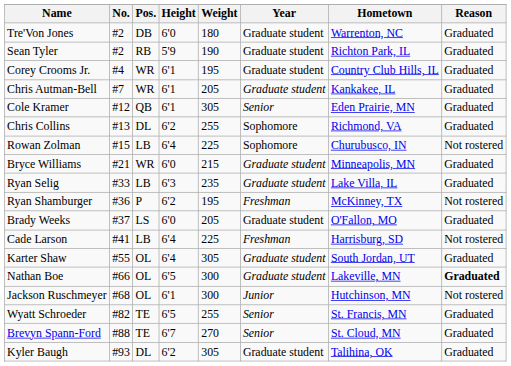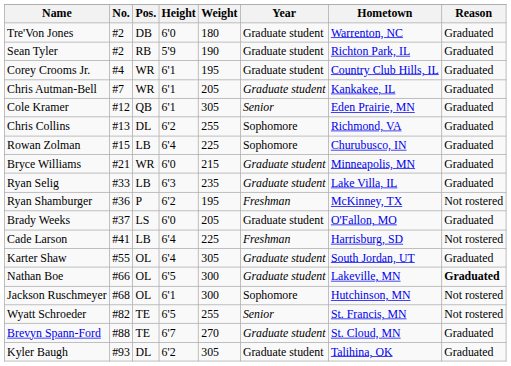 <table class="wikitable sortable sortable">
 <tr>
 </tr>
 <tr>
 <th style="text-align:center; ">Name</th>
 <th style="text-align:center; ">No.</th>
 <th style="text-align:center; ">Pos.</th>
 <th style="text-align:center; ">Height</th>
 <th style="text-align:center; ">Weight</th>
 <th style="text-align:center; ">Year</th>
 <th style="text-align:center; ">Hometown</th>
 <th style="text-align:center; ">Reason</th>
 </tr>
 <tr>
 <td>Tre'Von Jones</td>
 <td>#2</td>
 <td>DB</td>
 <td>6'0</td>
 <td>180</td>
 <td>Graduate student</td>
 <td><a href='#'>Warrenton, NC</a></td>
 <td>Graduated</td>
 </tr>
 <tr>
 <td>Sean Tyler</td>
 <td>#2</td>
 <td>RB</td>
 <td>5'9</td>
 <td>190</td>
 <td>Graduate student</td>
 <td><a href='#'>Richton Park, IL</a></td>
 <td>Graduated</td>
 </tr>
 <tr>
 <td>Corey Crooms Jr.</td>
 <td>#4</td>
 <td>WR</td>
 <td>6'1</td>
 <td>195</td>
 <td>Graduate student</td>
 <td><a href='#'>Country Club Hills, IL</a></td>
 <td>Graduated</td>
 </tr>
 <tr>
 <td>Chris Autman-Bell</td>
 <td>#7</td>
 <td>WR</td>
 <td>6'1</td>
 <td>205</td>
 <td><em> Graduate student</em></td>
 <td><a href='#'>Kankakee, IL</a></td>
 <td>Graduated</td>
 </tr>
 <tr>
 <td>Cole Kramer</td>
 <td>#12</td>
 <td>QB</td>
 <td>6'1</td>
 <td>305</td>
 <td><em> Senior</em></td>
 <td><a href='#'>Eden Prairie, MN</a></td>
 <td>Graduated</td>
 </tr>
 <tr>
 <td>Chris Collins</td>
 <td>#13</td>
 <td>DL</td>
 <td>6'2</td>
 <td>255</td>
 <td>Sophomore</td>
 <td><a href='#'>Richmond, VA</a></td>
 <td>Graduated</td>
 </tr>
 <tr>
 <td>Rowan Zolman</td>
 <td>#15</td>
 <td>LB</td>
 <td>6'4</td>
 <td>225</td>
 <td>Sophomore</td>
 <td><a href='#'>Churubusco, IN</a></td>
-<td>Not rostered</td>
+<td>Graduated</td>
 </tr>
 <tr>
 <td>Bryce Williams</td>
 <td>#21</td>
 <td>WR</td>
 <td>6'0</td>
 <td>215</td>
 <td><em> Graduate student</em></td>
 <td><a href='#'>Minneapolis, MN</a></td>
 <td>Graduated</td>
 </tr>
 <tr>
 <td>Ryan Selig</td>
 <td>#33</td>
 <td>LB</td>
 <td>6'3</td>
 <td>235</td>
 <td><em> Graduate student</em></td>
 <td><a href='#'>Lake Villa, IL</a></td>
 <td>Graduated</td>
 </tr>
 <tr>
 <td>Ryan Shamburger</td>
 <td>#36</td>
 <td>P</td>
 <td>6'2</td>
 <td>195</td>
 <td><em> Freshman</em></td>
 <td><a href='#'>McKinney, TX</a></td>
 <td>Not rostered</td>
 </tr>
 <tr>
 <td>Brady Weeks</td>
 <td>#37</td>
 <td>LS</td>
 <td>6'0</td>
 <td>205</td>
 <td>Graduate student</td>
 <td><a href='#'>O'Fallon, MO</a></td>
 <td>Graduated</td>
 </tr>
 <tr>
 <td>Cade Larson</td>
 <td>#41</td>
 <td>LB</td>
 <td>6'4</td>
 <td>225</td>
 <td><em> Freshman</em></td>
 <td><a href='#'>Harrisburg, SD</a></td>
 <td>Not rostered</td>
 </tr>
 <tr>
 <td>Karter Shaw</td>
 <td>#55</td>
 <td>OL</td>
 <td>6'4</td>
 <td>305</td>
 <td><em> Graduate student</em></td>
 <td><a href='#'>South Jordan, UT</a></td>
 <td>Graduated</td>
 </tr>
 <tr>
 <td>Nathan Boe</td>
 <td>#66</td>
 <td>OL</td>
 <td>6'5</td>
 <td>300</td>
 <td><em> Graduate student</em></td>
 <td><a href='#'>Lakeville, MN</a></td>
 <td><strong>Graduated</strong></td>
 </tr>
 <tr>
 <td>Jackson Ruschmeyer</td>
 <td>#68</td>
 <td>OL</td>
 <td>6'1</td>
 <td>300</td>
-<td><em> Junior</em></td>
+<td>Sophomore</td>
 <td><a href='#'>Hutchinson, MN</a></td>
 <td>Not rostered</td>
 </tr>
 <tr>
 <td>Wyatt Schroeder</td>
 <td>#82</td>
 <td>TE</td>
 <td>6'5</td>
 <td>255</td>
 <td><em> Senior</em></td>
 <td><a href='#'>St. Francis, MN</a></td>
-<td>Graduated</td>
+<td>Not rostered</td>
 </tr>
 <tr>
 <td><a href='#'>Brevyn Spann-Ford</a></td>
 <td>#88</td>
 <td>TE</td>
 <td>6'7</td>
 <td>270</td>
-<td><em> Senior</em></td>
+<td><em> Graduate student</em></td>
 <td><a href='#'>St. Cloud, MN</a></td>
 <td>Graduated</td>
 </tr>
 <tr>
 <td>Kyler Baugh</td>
 <td>#93</td>
 <td>DL</td>
 <td>6'2</td>
 <td>305</td>
 <td>Graduate student</td>
 <td><a href='#'>Talihina, OK</a></td>
 <td>Graduated</td>
 </tr>
 </table>
